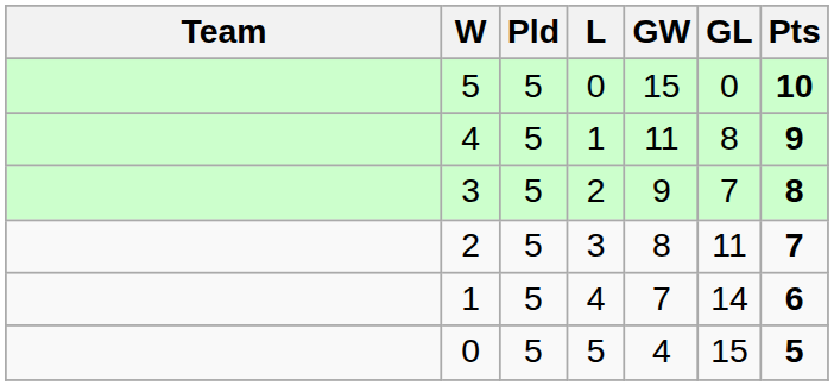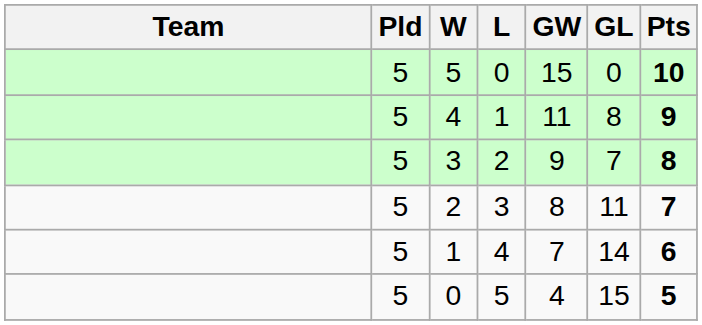 <table class="wikitable" style="text-align:center">
 <tr>
 <th width=200>Team</th>
+<th width=20>Pld</th>
 <th width=20>W</th>
-<th width=20>Pld</th>
 <th width=20>L</th>
 <th width=20>GW</th>
 <th width=20>GL</th>
 <th width=20>Pts</th>
 </tr>
 <tr bgcolor=ccffcc>
 <td style="text-align:left;"></td>
 <td>5</td>
 <td>5</td>
 <td>0</td>
 <td>15</td>
 <td>0</td>
 <td><strong>10</strong></td>
 </tr>
 <tr bgcolor=ccffcc>
 <td style="text-align:left;"></td>
+<td>5</td>
 <td>4</td>
-<td>5</td>
 <td>1</td>
 <td>11</td>
 <td>8</td>
 <td><strong>9</strong></td>
 </tr>
 <tr bgcolor=ccffcc>
 <td style="text-align:left;"></td>
+<td>5</td>
 <td>3</td>
-<td>5</td>
 <td>2</td>
 <td>9</td>
 <td>7</td>
 <td><strong>8</strong></td>
 </tr>
 <tr>
 <td style="text-align:left;"></td>
+<td>5</td>
 <td>2</td>
-<td>5</td>
 <td>3</td>
 <td>8</td>
 <td>11</td>
 <td><strong>7</strong></td>
 </tr>
 <tr>
 <td style="text-align:left;"></td>
+<td>5</td>
 <td>1</td>
-<td>5</td>
 <td>4</td>
 <td>7</td>
 <td>14</td>
 <td><strong>6</strong></td>
 </tr>
 <tr>
 <td style="text-align:left;"></td>
+<td>5</td>
 <td>0</td>
-<td>5</td>
 <td>5</td>
 <td>4</td>
 <td>15</td>
 <td><strong>5</strong></td>
 </tr>
 </table>
